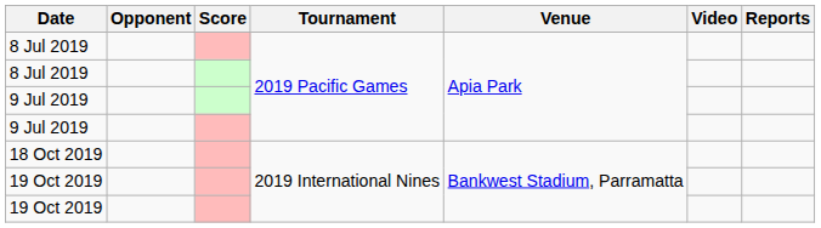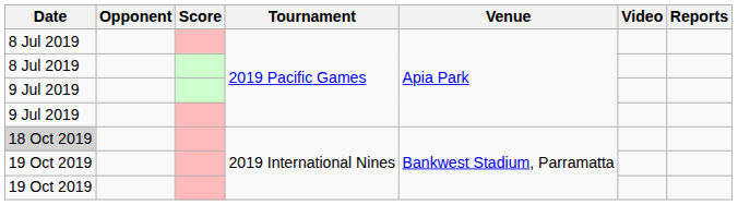 <table class=wikitable>
 <tr>
 <th>Date</th>
 <th>Opponent</th>
 <th>Score</th>
 <th>Tournament</th>
 <th>Venue</th>
 <th>Video</th>
 <th>Reports</th>
 </tr>
 <tr>
 <td>8 Jul 2019</td>
 <td></td>
 <td bgcolor="#FFBBBB"></td>
 <td rowspan=4><a href='#'>2019 Pacific Games</a></td>
 <td rowspan=4> <a href='#'>Apia Park</a></td>
 <td align=center></td>
 <td align=center></td>
 </tr>
 <tr>
 <td>8 Jul 2019</td>
 <td></td>
 <td bgcolor="#CCFFCC"></td>
 <td align=center></td>
 <td align=center></td>
 </tr>
 <tr>
 <td>9 Jul 2019</td>
 <td></td>
 <td bgcolor="#CCFFCC"></td>
 <td align=center></td>
 <td align=center></td>
 </tr>
 <tr>
 <td>9 Jul 2019</td>
 <td></td>
 <td bgcolor="#FFBBBB"></td>
 <td align=center></td>
 <td align=center></td>
 </tr>
 <tr>
-<td>18 Oct 2019</td>
+<td style="background: lightgrey;">18 Oct 2019</td>
 <td></td>
 <td bgcolor="#FFBBBB"></td>
 <td rowspan=3>2019 International Nines</td>
 <td rowspan=3> <a href='#'>Bankwest Stadium</a>, Parramatta</td>
 <td align=center></td>
 <td align=center></td>
 </tr>
 <tr>
 <td>19 Oct 2019</td>
 <td></td>
 <td bgcolor="#FFBBBB"></td>
 <td align=center></td>
 <td align=center></td>
 </tr>
 <tr>
 <td>19 Oct 2019</td>
 <td></td>
 <td bgcolor="#FFBBBB"></td>
 <td align=center></td>
 <td align=center></td>
 </tr>
 </table>
